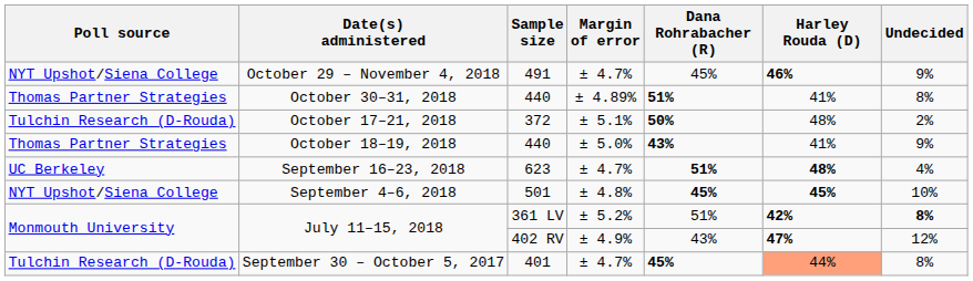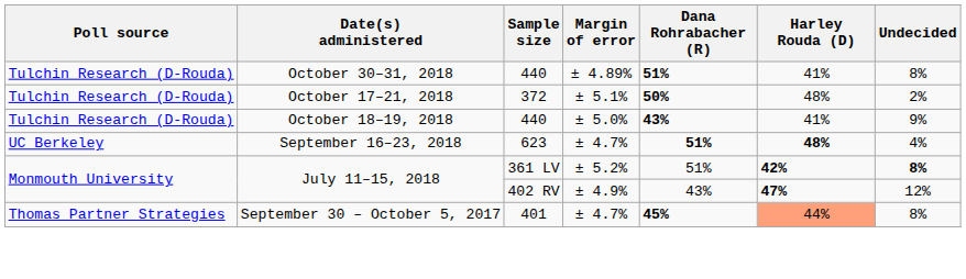 <table class="wikitable">
 <tr>
 <th>Poll source</th>
 <th>Date(s)<br>administered</th>
 <th>Sample<br>size</th>
 <th>Margin<br>of error</th>
 <th style="width:100px;">Dana<br>Rohrabacher (R)</th>
 <th style="width:100px;">Harley<br>Rouda (D)</th>
 <th>Undecided</th>
 </tr>
 <tr>
-<td><a href='#'>NYT Upshot</a>/<a href='#'>Siena College</a></td>
-<td style="text-align:center">October 29 – November 4, 2018</td>
-<td style="text-align:center">491</td>
-<td style="text-align:center">± 4.7%</td>
-<td style="text-align:center">45%</td>
-<td style="background-color:"><strong>46%</strong></td>
-<td style="text-align:center">9%</td>
-</tr>
-<tr>
-<td><a href='#'>Thomas Partner Strategies</a></td>
+<td><a href='#'>Tulchin Research (D-Rouda)</a></td>
 <td style="text-align:center">October 30–31, 2018</td>
 <td style="text-align:center">440</td>
 <td style="text-align:center">± 4.89%</td>
 <td style="background-color:"><strong>51%</strong></td>
 <td style="text-align:center">41%</td>
 <td style="text-align:center">8%</td>
 </tr>
 <tr>
 <td><a href='#'>Tulchin Research (D-Rouda)</a></td>
 <td style="text-align:center">October 17–21, 2018</td>
 <td style="text-align:center">372</td>
 <td style="text-align:center">± 5.1%</td>
 <td style="background-color:"><strong>50%</strong></td>
 <td style="text-align:center">48%</td>
 <td style="text-align:center">2%</td>
 </tr>
 <tr>
-<td><a href='#'>Thomas Partner Strategies</a></td>
+<td><a href='#'>Tulchin Research (D-Rouda)</a></td>
 <td style="text-align:center">October 18–19, 2018</td>
 <td style="text-align:center">440</td>
 <td style="text-align:center">± 5.0%</td>
 <td style="background-color:"><strong>43%</strong></td>
 <td style="text-align:center">41%</td>
 <td style="text-align:center">9%</td>
 </tr>
 <tr>
 <td><a href='#'>UC Berkeley</a></td>
 <td style="text-align:center">September 16–23, 2018</td>
 <td style="text-align:center">623</td>
 <td style="text-align:center">± 4.7%</td>
 <td style="text-align:center"><strong>51%</strong></td>
 <td style="text-align:center"><strong>48%</strong></td>
 <td style="text-align:center">4%</td>
-</tr>
-<tr>
-<td><a href='#'>NYT Upshot</a>/<a href='#'>Siena College</a></td>
-<td style="text-align:center">September 4–6, 2018</td>
-<td style="text-align:center">501</td>
-<td style="text-align:center">± 4.8%</td>
-<td style="text-align:center"><strong>45%</strong></td>
-<td style="text-align:center"><strong>45%</strong></td>
-<td style="text-align:center">10%</td>
 </tr>
 <tr>
 <td rowspan="2"><a href='#'>Monmouth University</a></td>
 <td rowspan="2"  style="text-align:center">July 11–15, 2018</td>
 <td style="text-align:center">361 LV</td>
 <td style="text-align:center">± 5.2%</td>
 <td style="text-align:center">51%</td>
 <td style="background-color:"><strong>42%</strong></td>
 <td style="text-align:center"><strong>8%</strong></td>
 </tr>
 <tr>
 <td style="text-align:center">402 RV</td>
 <td style="text-align:center">± 4.9%</td>
 <td style="text-align:center">43%</td>
 <td style="background-color:"><strong>47%</strong></td>
 <td style="text-align:center">12%</td>
 </tr>
 <tr>
-<td><a href='#'>Tulchin Research (D-Rouda)</a></td>
+<td><a href='#'>Thomas Partner Strategies</a></td>
 <td style="text-align:center">September 30 – October 5, 2017</td>
 <td style="text-align:center">401</td>
 <td style="text-align:center">± 4.7%</td>
 <td style="background-color:"><strong>45%</strong></td>
 <td style="background: lightsalmon; text-align:center">44%</td>
 <td style="text-align:center">8%</td>
 </tr>
 </table>
